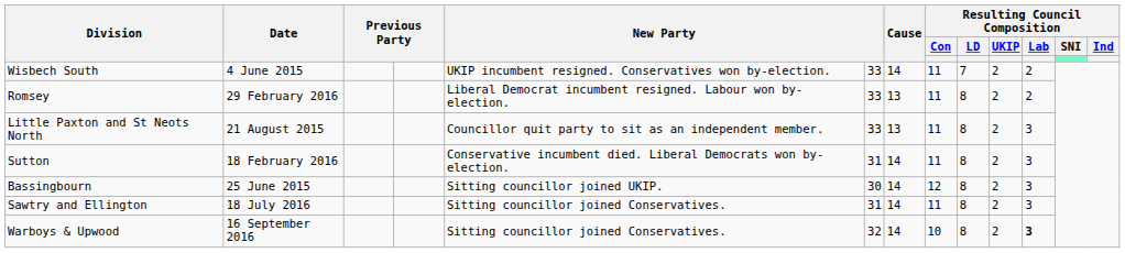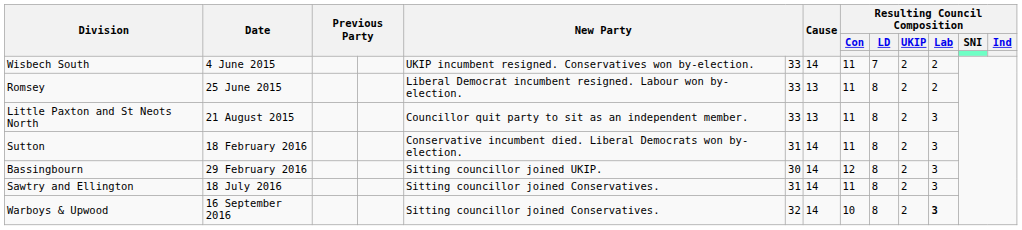 <table class="wikitable">
 <tr>
 <th !  rowspan="3">Division</th>
 <th ! rowspan="3">Date</th>
 <th !  rowspan=3  colspan=2>Previous Party</th>
 <th !  rowspan=3 colspan=2>New Party</th>
 <th ! rowspan="3">Cause</th>
 <th ! colspan="6">Resulting Council Composition</th>
 </tr>
 <tr>
 <th style="width:30px;" class="unsortable"><a href='#'>Con</a></th>
 <th style="width:30px;" class="unsortable"><a href='#'>LD</a></th>
 <th style="width:30px;" class="unsortable"><a href='#'>UKIP</a></th>
 <th style="width:30px;" class="unsortable"><a href='#'>Lab</a></th>
 <th style="width:30px;" class="unsortable">SNI</th>
 <th style="width:30px;" class="unsortable"><a href='#'>Ind</a></th>
 </tr>
 <tr>
 <th class="unsortable" style="color:inherit;background:"></th>
 <th class="unsortable" style="color:inherit;background:"></th>
 <th class="unsortable" style="color:inherit;background:"></th>
 <th class="unsortable" style="color:inherit;background:"></th>
 <th class="unsortable" style="color:inherit;background-color: #6EFFC5; width:30px;"></th>
 <th class="unsortable" style="color:inherit;background:"></th>
 </tr>
 <tr>
 <td>Wisbech South</td>
 <td>4 June 2015</td>
 <td></td>
 <td></td>
 <td>UKIP incumbent resigned. Conservatives won by-election.</td>
 <td>33</td>
 <td>14</td>
 <td>11</td>
 <td>7</td>
 <td>2</td>
 <td>2</td>
 </tr>
 <tr>
 <td>Romsey</td>
-<td>29 February 2016</td>
+<td>25 June 2015</td>
 <td></td>
 <td></td>
 <td>Liberal Democrat incumbent resigned. Labour won by-election.</td>
 <td>33</td>
 <td>13</td>
 <td>11</td>
 <td>8</td>
 <td>2</td>
 <td>2</td>
 </tr>
 <tr>
 <td>Little Paxton and St Neots North</td>
 <td>21 August 2015</td>
 <td></td>
 <td></td>
 <td>Councillor quit party to sit as an independent member.</td>
 <td>33</td>
 <td>13</td>
 <td>11</td>
 <td>8</td>
 <td>2</td>
 <td>3</td>
 </tr>
 <tr>
 <td>Sutton</td>
 <td>18 February 2016</td>
 <td></td>
 <td></td>
 <td>Conservative incumbent died. Liberal Democrats won by-election.</td>
 <td>31</td>
 <td>14</td>
 <td>11</td>
 <td>8</td>
 <td>2</td>
 <td>3</td>
 </tr>
 <tr>
 <td>Bassingbourn</td>
-<td>25 June 2015</td>
+<td>29 February 2016</td>
 <td></td>
 <td></td>
 <td>Sitting councillor joined UKIP.</td>
 <td>30</td>
 <td>14</td>
 <td>12</td>
 <td>8</td>
 <td>2</td>
 <td>3</td>
 </tr>
 <tr>
 <td>Sawtry and Ellington</td>
 <td>18 July 2016</td>
 <td></td>
 <td></td>
 <td>Sitting councillor joined Conservatives.</td>
 <td>31</td>
 <td>14</td>
 <td>11</td>
 <td>8</td>
 <td>2</td>
 <td>3</td>
 </tr>
 <tr>
 <td>Warboys & Upwood</td>
 <td>16 September 2016</td>
 <td></td>
 <td></td>
 <td>Sitting councillor joined Conservatives.</td>
 <td>32</td>
 <td>14</td>
 <td>10</td>
 <td>8</td>
 <td>2</td>
 <td><strong>3</strong></td>
 </tr>
 </table>
